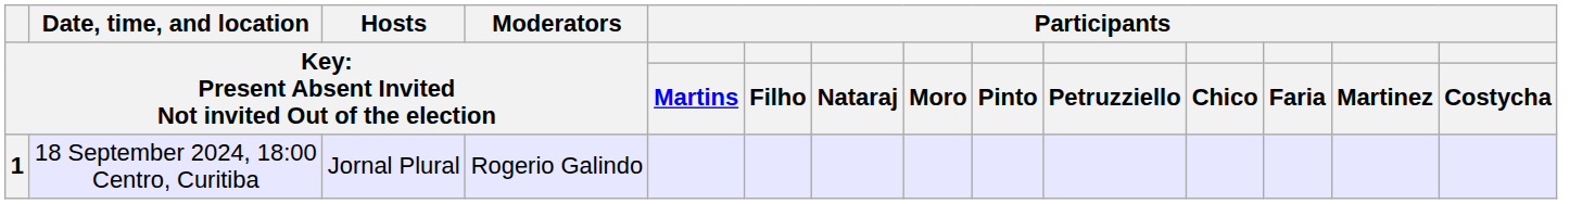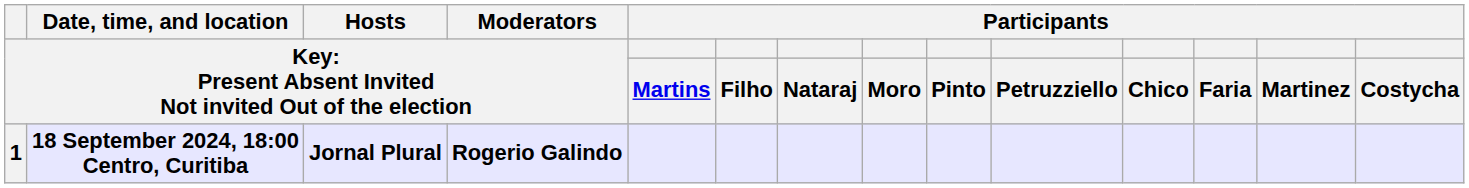 <table class="wikitable" style="text-align:center">
 <tr>
 <th></th>
 <th>Date, time, and location</th>
 <th>Hosts</th>
 <th>Moderators</th>
 <th colspan="10" scope="col">Participants</th>
 </tr>
 <tr>
 <th colspan="4" rowspan="2">Key:<br> Present  Absent  Invited<br> Not invited  Out of the election</th>
 <th scope=col style=background:><a href='#'></a></th>
 <th scope=col style=background:><a href='#'></a></th>
 <th scope=col style=background:><a href='#'></a></th>
 <th scope=col style=background:><a href='#'></a></th>
 <th scope=col style=background:><a href='#'></a></th>
 <th scope=col style=background:><a href='#'></a></th>
 <th scope=col style=background:><a href='#'></a></th>
 <th scope=col style=background:><a href='#'></a></th>
 <th scope=col style=background:><a href='#'></a></th>
 <th scope=col style=background:><a href='#'></a></th>
 </tr>
 <tr>
 <th><a href='#'>Martins</a></th>
 <th>Filho</th>
 <th>Nataraj</th>
 <th>Moro</th>
 <th>Pinto</th>
 <th>Petruzziello</th>
 <th>Chico</th>
 <th>Faria</th>
 <th>Martinez</th>
 <th>Costycha</th>
 </tr>
 <tr style=background:#e7e7ff>
 <th>1</th>
-<td>18 September 2024, 18:00<br>Centro, Curitiba</td>
-<td>Jornal Plural</td>
-<td>Rogerio Galindo</td>
+<td><strong>18 September 2024, 18:00<br>Centro, Curitiba</strong></td>
+<td><strong>Jornal Plural</strong></td>
+<td><strong>Rogerio Galindo</strong></td>
 <td></td>
 <td></td>
 <td></td>
 <td></td>
 <td></td>
 <td></td>
 <td></td>
 <td></td>
 <td></td>
 <td></td>
 </tr>
 </table>
